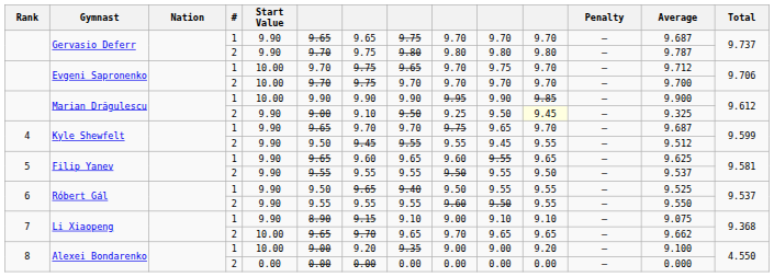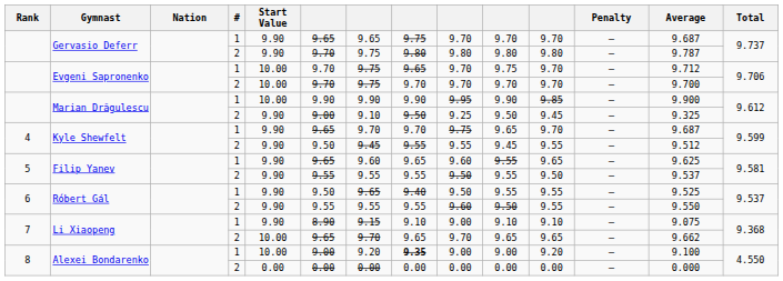 <table class="wikitable" style="text-align:center">
 <tr>
 <th>Rank</th>
 <th width=13%>Gymnast</th>
 <th width=10%>Nation</th>
 <th>#</th>
 <th>Start<br>Value</th>
 <th></th>
 <th></th>
 <th></th>
 <th></th>
 <th></th>
 <th></th>
 <th>Penalty</th>
 <th>Average</th>
 <th>Total</th>
 </tr>
 <tr>
 <td rowspan=2></td>
 <td rowspan=2 align=left><a href='#'>Gervasio Deferr</a></td>
 <td rowspan=2 align=left></td>
 <td>1</td>
 <td>9.90</td>
 <td><s>9.65</s></td>
 <td>9.65</td>
 <td><s>9.75</s></td>
 <td>9.70</td>
 <td>9.70</td>
 <td>9.70</td>
 <td>—</td>
 <td>9.687</td>
 <td rowspan=2>9.737</td>
 </tr>
 <tr>
 <td>2</td>
 <td>9.90</td>
 <td><s>9.70</s></td>
 <td>9.75</td>
 <td><s>9.80</s></td>
 <td>9.80</td>
 <td>9.80</td>
 <td>9.80</td>
 <td>—</td>
 <td>9.787</td>
 </tr>
 <tr>
 <td rowspan=2></td>
 <td rowspan=2 align=left><a href='#'>Evgeni Sapronenko</a></td>
 <td rowspan=2 align=left></td>
 <td>1</td>
 <td>10.00</td>
 <td>9.70</td>
 <td><s>9.75</s></td>
 <td><s>9.65</s></td>
 <td>9.70</td>
 <td>9.75</td>
 <td>9.70</td>
 <td>—</td>
 <td>9.712</td>
 <td rowspan=2>9.706</td>
 </tr>
 <tr>
 <td>2</td>
 <td>10.00</td>
 <td><s>9.70</s></td>
 <td><s>9.75</s></td>
 <td>9.70</td>
 <td>9.70</td>
 <td>9.70</td>
 <td>9.70</td>
 <td>—</td>
 <td>9.700</td>
 </tr>
 <tr>
 <td rowspan=2></td>
 <td rowspan=2 align=left><a href='#'>Marian Drăgulescu</a></td>
 <td rowspan=2 align=left></td>
 <td>1</td>
 <td>10.00</td>
 <td>9.90</td>
 <td>9.90</td>
 <td>9.90</td>
 <td><s>9.95</s></td>
 <td>9.90</td>
 <td><s>9.85</s></td>
 <td>—</td>
 <td>9.900</td>
 <td rowspan=2>9.612</td>
 </tr>
 <tr>
 <td>2</td>
 <td>9.90</td>
 <td><s>9.00</s></td>
 <td>9.10</td>
 <td><s>9.50</s></td>
 <td>9.25</td>
 <td>9.50</td>
-<td style="background: lightyellow;">9.45</td>
+<td>9.45</td>
 <td>—</td>
 <td>9.325</td>
 </tr>
 <tr>
 <td rowspan=2>4</td>
 <td rowspan=2 align=left><a href='#'>Kyle Shewfelt</a></td>
 <td rowspan=2 align=left></td>
 <td>1</td>
 <td>9.90</td>
 <td><s>9.65</s></td>
 <td>9.70</td>
 <td>9.70</td>
 <td><s>9.75</s></td>
 <td>9.65</td>
 <td>9.70</td>
 <td>—</td>
 <td>9.687</td>
 <td rowspan=2>9.599</td>
 </tr>
 <tr>
 <td>2</td>
 <td>9.90</td>
 <td>9.50</td>
 <td><s>9.45</s></td>
 <td><s>9.55</s></td>
 <td>9.55</td>
 <td>9.45</td>
 <td>9.55</td>
 <td>—</td>
 <td>9.512</td>
 </tr>
 <tr>
 <td rowspan=2>5</td>
 <td rowspan=2 align=left><a href='#'>Filip Yanev</a></td>
 <td rowspan=2 align=left></td>
 <td>1</td>
 <td>9.90</td>
 <td><s>9.65</s></td>
 <td>9.60</td>
 <td>9.65</td>
 <td>9.60</td>
 <td><s>9.55</s></td>
 <td>9.65</td>
 <td>—</td>
 <td>9.625</td>
 <td rowspan=2>9.581</td>
 </tr>
 <tr>
 <td>2</td>
 <td>9.90</td>
 <td><s>9.55</s></td>
 <td>9.55</td>
 <td>9.55</td>
 <td><s>9.50</s></td>
 <td>9.55</td>
 <td>9.50</td>
 <td>—</td>
 <td>9.537</td>
 </tr>
 <tr>
 <td rowspan=2>6</td>
 <td rowspan=2 align=left><a href='#'>Róbert Gál</a></td>
 <td rowspan=2 align=left></td>
 <td>1</td>
 <td>9.90</td>
 <td>9.50</td>
 <td><s>9.65</s></td>
 <td><s>9.40</s></td>
 <td>9.50</td>
 <td>9.55</td>
 <td>9.55</td>
 <td>—</td>
 <td>9.525</td>
 <td rowspan=2>9.537</td>
 </tr>
 <tr>
 <td>2</td>
 <td>9.90</td>
 <td>9.55</td>
 <td>9.55</td>
 <td>9.55</td>
 <td><s>9.60</s></td>
 <td><s>9.50</s></td>
 <td>9.55</td>
 <td>—</td>
 <td>9.550</td>
 </tr>
 <tr>
 <td rowspan=2>7</td>
 <td rowspan=2 align=left><a href='#'>Li Xiaopeng</a></td>
 <td rowspan=2 align=left></td>
 <td>1</td>
 <td>9.90</td>
 <td><s>8.90</s></td>
 <td><s>9.15</s></td>
 <td>9.10</td>
 <td>9.00</td>
 <td>9.10</td>
 <td>9.10</td>
 <td>—</td>
 <td>9.075</td>
 <td rowspan=2>9.368</td>
 </tr>
 <tr>
 <td>2</td>
 <td>10.00</td>
 <td><s>9.65</s></td>
 <td><s>9.70</s></td>
 <td>9.65</td>
 <td>9.70</td>
 <td>9.65</td>
 <td>9.65</td>
 <td>—</td>
 <td>9.662</td>
 </tr>
 <tr>
 <td rowspan=2>8</td>
 <td rowspan=2 align=left><a href='#'>Alexei Bondarenko</a></td>
 <td rowspan=2 align=left></td>
 <td>1</td>
 <td>10.00</td>
 <td><s>9.00</s></td>
 <td>9.20</td>
-<td><s>9.35</s></td>
+<td><strong><s>9.35</s></strong></td>
 <td>9.00</td>
 <td>9.00</td>
 <td>9.20</td>
 <td>—</td>
 <td>9.100</td>
 <td rowspan=2>4.550</td>
 </tr>
 <tr>
 <td>2</td>
 <td>0.00</td>
 <td><s>0.00</s></td>
 <td><s>0.00</s></td>
 <td>0.00</td>
 <td>0.00</td>
 <td>0.00</td>
 <td>0.00</td>
 <td>—</td>
 <td>0.000</td>
 </tr>
 </table>
